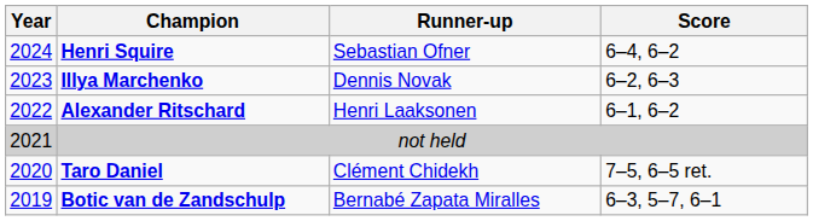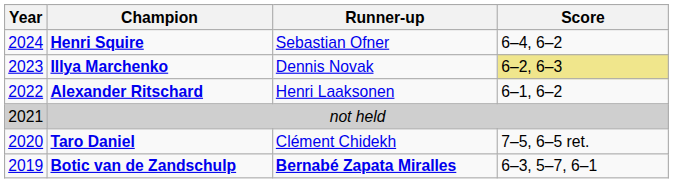 <table class="wikitable nowrap" style="font-size:90%">
 <tr>
 <th>Year</th>
 <th width="200">Champion</th>
 <th width="200">Runner-up</th>
 <th width="150">Score</th>
 </tr>
 <tr>
 <td><a href='#'>2024</a></td>
 <td> <strong><a href='#'>Henri Squire</a></strong></td>
 <td> <a href='#'>Sebastian Ofner</a></td>
 <td>6–4, 6–2</td>
 </tr>
 <tr>
 <td><a href='#'>2023</a></td>
 <td> <strong><a href='#'>Illya Marchenko</a></strong></td>
 <td> <a href='#'>Dennis Novak</a></td>
-<td>6–2, 6–3</td>
+<td style="background: khaki;">6–2, 6–3</td>
 </tr>
 <tr>
 <td><a href='#'>2022</a></td>
 <td> <strong><a href='#'>Alexander Ritschard</a></strong></td>
 <td> <a href='#'>Henri Laaksonen</a></td>
 <td>6–1, 6–2</td>
 </tr>
 <tr>
 <td style="background:#cfcfcf">2021</td>
 <td colspan=3 align=center style="background:#cfcfcf"><em>not held</em></td>
 </tr>
 <tr>
 <td><a href='#'>2020</a></td>
 <td> <strong><a href='#'>Taro Daniel</a></strong></td>
 <td> <a href='#'>Clément Chidekh</a></td>
 <td>7–5, 6–5 ret.</td>
 </tr>
 <tr>
 <td><a href='#'>2019</a></td>
 <td> <strong><a href='#'>Botic van de Zandschulp</a></strong></td>
-<td> <a href='#'>Bernabé Zapata Miralles</a></td>
+<td><strong> <a href='#'>Bernabé Zapata Miralles</a></strong></td>
 <td>6–3, 5–7, 6–1</td>
 </tr>
 </table>
